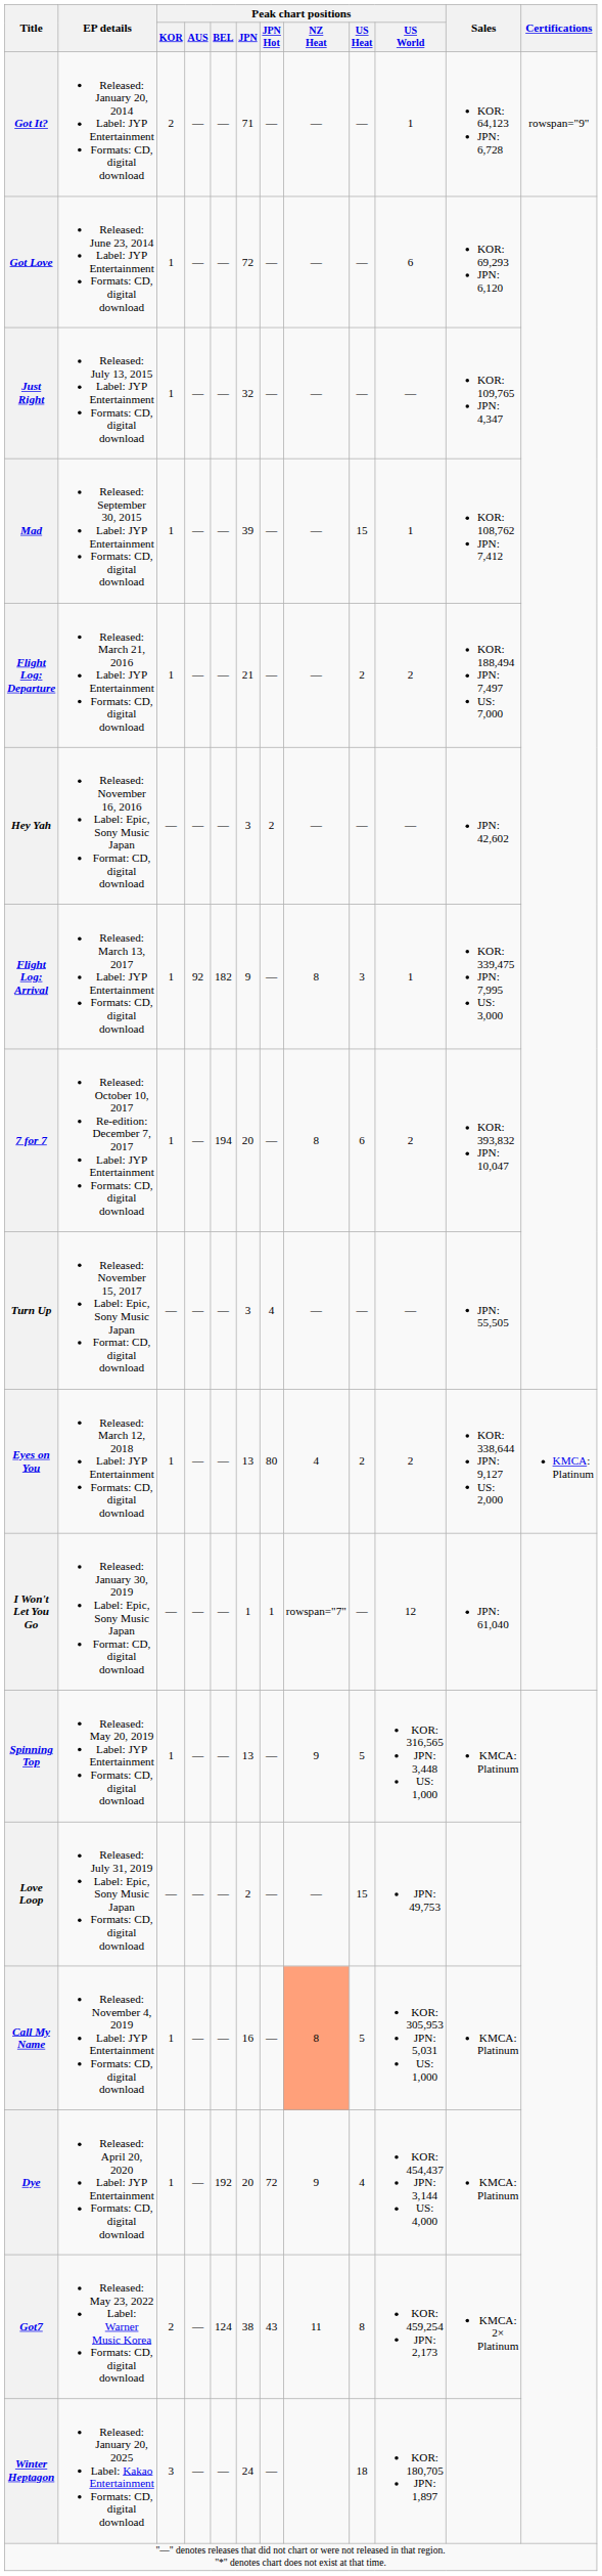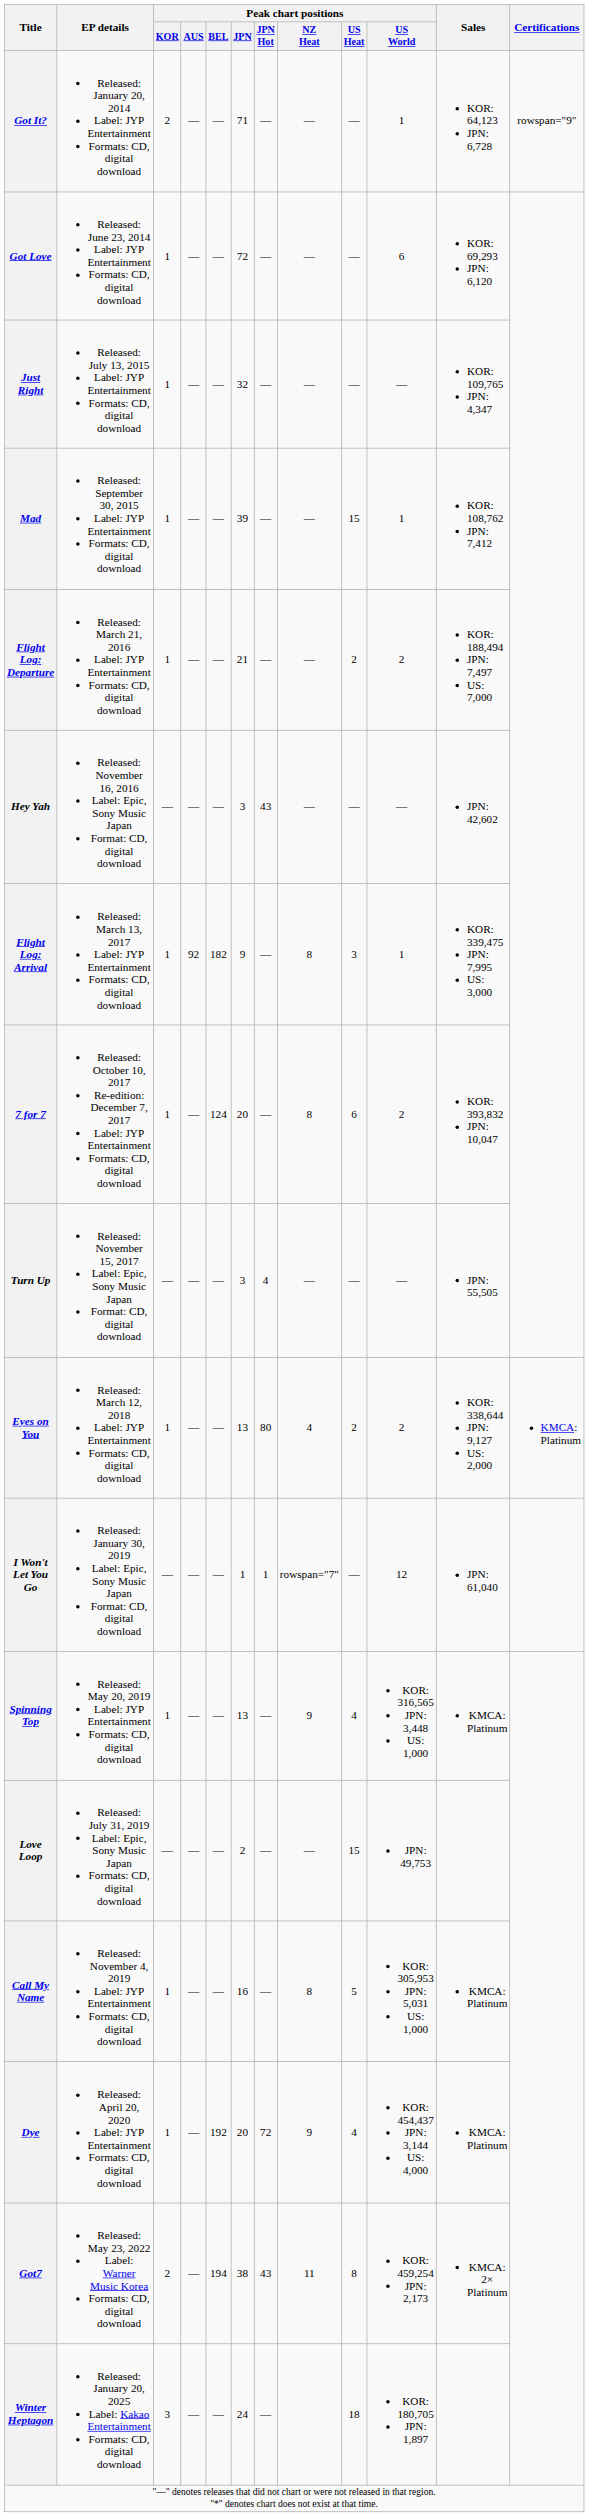 <table class="wikitable plainrowheaders" style="text-align:center">
 <tr>
 <th scope="col" rowspan="2" style="width:9em">Title</th>
 <th scope="col" rowspan="2" style="width:20em">EP details</th>
 <th scope="col" colspan="8">Peak chart positions</th>
 <th scope="col" rowspan="2" style="width:11em">Sales</th>
 <th scope="col" rowspan="2" style="width:12em"><a href='#'>Certifications</a><br></th>
 </tr>
 <tr>
 <th scope="col" style="width:2.5em;font-size:90%"><a href='#'>KOR</a><br></th>
 <th scope="col" style="width:3em;font-size:90%"><a href='#'>AUS</a><br></th>
 <th scope="col" style="width:3em;font-size:90%"><a href='#'>BEL</a><br></th>
 <th scope="col" style="width:3em;font-size:90%"><a href='#'>JPN</a><br></th>
 <th scope="col" style="width:3em;font-size:90%"><a href='#'>JPN Hot</a><br></th>
 <th scope="col" style="width:3em;font-size:90%"><a href='#'>NZ<br>Heat</a><br></th>
 <th scope="col" style="width:3em;font-size:90%"><a href='#'>US Heat</a><br></th>
 <th scope="col" style="width:3em;font-size:90%"><a href='#'>US<br>World</a><br></th>
 </tr>
 <tr>
 <th scope="row"><em><a href='#'>Got It?</a></em></th>
 <td><br><ul><li>Released: January 20, 2014 </li><li>Label: JYP Entertainment</li><li>Formats: CD, digital download</li></ul></td>
 <td>2</td>
 <td>—</td>
 <td>—</td>
 <td>71</td>
 <td>—</td>
 <td>—</td>
 <td>—</td>
 <td>1</td>
 <td style="text-align:left"><br><ul><li>KOR: 64,123</li><li>JPN: 6,728</li></ul></td>
 <td>rowspan="9" </td>
 </tr>
 <tr>
 <th scope="row"><em><a href='#'>Got Love</a></em></th>
 <td><br><ul><li>Released: June 23, 2014 </li><li>Label: JYP Entertainment</li><li>Formats: CD, digital download</li></ul></td>
 <td>1</td>
 <td>—</td>
 <td>—</td>
 <td>72</td>
 <td>—</td>
 <td>—</td>
 <td>—</td>
 <td>6</td>
 <td style="text-align:left"><br><ul><li>KOR: 69,293</li><li>JPN: 6,120</li></ul></td>
 </tr>
 <tr>
 <th scope="row"><em><a href='#'>Just Right</a></em></th>
 <td><br><ul><li>Released: July 13, 2015 </li><li>Label: JYP Entertainment</li><li>Formats: CD, digital download</li></ul></td>
 <td>1</td>
 <td>—</td>
 <td>—</td>
 <td>32</td>
 <td>—</td>
 <td>—</td>
 <td>—</td>
 <td>—</td>
 <td style="text-align:left"><br><ul><li>KOR: 109,765</li><li>JPN: 4,347</li></ul></td>
 </tr>
 <tr>
 <th scope="row"><em><a href='#'>Mad</a></em></th>
 <td><br><ul><li>Released: September 30, 2015 </li><li>Label: JYP Entertainment</li><li>Formats: CD, digital download</li></ul></td>
 <td>1</td>
 <td>—</td>
 <td>—</td>
 <td>39</td>
 <td>—</td>
 <td>—</td>
 <td>15</td>
 <td>1</td>
 <td style="text-align:left"><br><ul><li>KOR: 108,762</li><li>JPN: 7,412</li></ul></td>
 </tr>
 <tr>
 <th scope="row"><em><a href='#'>Flight Log: Departure</a></em></th>
 <td><br><ul><li>Released: March 21, 2016 </li><li>Label: JYP Entertainment</li><li>Formats: CD, digital download</li></ul></td>
 <td>1</td>
 <td>—</td>
 <td>—</td>
 <td>21</td>
 <td>—</td>
 <td>—</td>
 <td>2</td>
 <td>2</td>
 <td style="text-align:left"><br><ul><li>KOR: 188,494</li><li>JPN: 7,497</li><li>US: 7,000</li></ul></td>
 </tr>
 <tr>
 <th scope="row"><em>Hey Yah</em></th>
 <td><br><ul><li>Released: November 16, 2016 </li><li>Label: Epic, Sony Music Japan</li><li>Format: CD, digital download</li></ul></td>
 <td>—</td>
 <td>—</td>
 <td>—</td>
 <td>3</td>
-<td>2</td>
+<td>43</td>
 <td>—</td>
 <td>—</td>
 <td>—</td>
 <td style="text-align:left"><br><ul><li>JPN: 42,602</li></ul></td>
 </tr>
 <tr>
 <th scope="row"><em><a href='#'>Flight Log: Arrival</a></em></th>
 <td><br><ul><li>Released: March 13, 2017 </li><li>Label: JYP Entertainment</li><li>Formats: CD, digital download</li></ul></td>
 <td>1</td>
 <td>92</td>
 <td>182</td>
 <td>9</td>
 <td>—</td>
 <td>8</td>
 <td>3</td>
 <td>1</td>
 <td style="text-align:left"><br><ul><li>KOR: 339,475</li><li>JPN: 7,995</li><li>US: 3,000 </li></ul></td>
 </tr>
 <tr>
 <th scope="row"><em><a href='#'>7 for 7</a></em></th>
 <td><br><ul><li>Released: October 10, 2017 </li><li>Re-edition: December 7, 2017 </li><li>Label: JYP Entertainment</li><li>Formats: CD, digital download</li></ul></td>
 <td>1</td>
 <td>—</td>
-<td>194</td>
+<td>124</td>
 <td>20</td>
 <td>—</td>
 <td>8</td>
 <td>6</td>
 <td>2</td>
 <td style="text-align:left"><br><ul><li>KOR: 393,832</li><li>JPN: 10,047</li></ul></td>
 </tr>
 <tr>
 <th scope="row"><em>Turn Up</em></th>
 <td><br><ul><li>Released: November 15, 2017 </li><li>Label: Epic, Sony Music Japan</li><li>Format: CD, digital download</li></ul></td>
 <td>—</td>
 <td>—</td>
 <td>—</td>
 <td>3</td>
 <td>4</td>
 <td>—</td>
 <td>—</td>
 <td>—</td>
 <td style="text-align:left"><br><ul><li>JPN: 55,505</li></ul></td>
 </tr>
 <tr>
 <th scope="row"><em><a href='#'>Eyes on You</a></em></th>
 <td><br><ul><li>Released: March 12, 2018 </li><li>Label: JYP Entertainment</li><li>Formats: CD, digital download</li></ul></td>
 <td>1</td>
 <td>—</td>
 <td>—</td>
 <td>13</td>
 <td>80</td>
 <td>4</td>
 <td>2</td>
 <td>2</td>
 <td style="text-align:left"><br><ul><li>KOR: 338,644</li><li>JPN: 9,127</li><li>US: 2,000</li></ul></td>
 <td style="text-align:left"><br><ul><li><a href='#'>KMCA</a>: Platinum</li></ul></td>
 </tr>
 <tr>
 <th scope="row"><em>I Won't Let You Go</em></th>
 <td><br><ul><li>Released: January 30, 2019 </li><li>Label: Epic, Sony Music Japan</li><li>Format: CD, digital download</li></ul></td>
 <td>—</td>
 <td>—</td>
 <td>—</td>
 <td>1</td>
 <td>1</td>
 <td>rowspan="7" </td>
 <td>—</td>
 <td>12</td>
 <td style="text-align:left"><br><ul><li>JPN: 61,040</li></ul></td>
 <td></td>
 </tr>
 <tr>
 <th scope="row"><em><a href='#'>Spinning Top</a></em></th>
 <td><br><ul><li>Released: May 20, 2019 </li><li>Label: JYP Entertainment</li><li>Formats: CD, digital download</li></ul></td>
 <td>1</td>
 <td>—</td>
 <td>—</td>
 <td>13</td>
 <td>—</td>
 <td>9</td>
-<td>5</td>
+<td>4</td>
 <td><br><ul><li>KOR: 316,565</li><li>JPN: 3,448</li><li>US: 1,000</li></ul></td>
 <td><br><ul><li>KMCA: Platinum</li></ul></td>
 </tr>
 <tr>
 <th scope="row"><em>Love Loop</em></th>
 <td><br><ul><li>Released: July 31, 2019 </li><li>Label: Epic, Sony Music Japan</li><li>Formats: CD, digital download</li></ul></td>
 <td>—</td>
 <td>—</td>
 <td>—</td>
 <td>2</td>
 <td>—</td>
 <td>—</td>
 <td>15</td>
 <td><br><ul><li>JPN: 49,753</li></ul></td>
 <td></td>
 </tr>
 <tr>
 <th scope="row"><em><a href='#'>Call My Name</a></em></th>
 <td><br><ul><li>Released: November 4, 2019 </li><li>Label: JYP Entertainment</li><li>Formats: CD, digital download</li></ul></td>
 <td>1</td>
 <td>—</td>
 <td>—</td>
 <td>16</td>
 <td>—</td>
-<td style="background: lightsalmon;">8</td>
+<td>8</td>
 <td>5</td>
 <td><br><ul><li>KOR: 305,953</li><li>JPN: 5,031</li><li>US: 1,000</li></ul></td>
 <td><br><ul><li>KMCA: Platinum</li></ul></td>
 </tr>
 <tr>
 <th scope="row"><em><a href='#'>Dye</a></em></th>
 <td><br><ul><li>Released: April 20, 2020 </li><li>Label: JYP Entertainment</li><li>Formats: CD, digital download</li></ul></td>
 <td>1</td>
 <td>—</td>
 <td>192</td>
 <td>20</td>
 <td>72</td>
 <td>9</td>
 <td>4</td>
 <td><br><ul><li>KOR: 454,437</li><li>JPN: 3,144</li><li>US: 4,000</li></ul></td>
 <td><br><ul><li>KMCA: Platinum</li></ul></td>
 </tr>
 <tr>
 <th scope="row"><em><a href='#'>Got7</a></em></th>
 <td><br><ul><li>Released: May 23, 2022 </li><li>Label: <a href='#'>Warner Music Korea</a></li><li>Formats: CD, digital download</li></ul></td>
 <td>2</td>
 <td>—</td>
-<td>124</td>
+<td>194</td>
 <td>38</td>
 <td>43</td>
 <td>11</td>
 <td>8</td>
 <td><br><ul><li>KOR: 459,254</li><li>JPN: 2,173 </li></ul></td>
 <td><br><ul><li>KMCA: 2× Platinum</li></ul></td>
 </tr>
 <tr>
 <th scope="row"><em><a href='#'>Winter Heptagon</a></em></th>
 <td><br><ul><li>Released: January 20, 2025 </li><li>Label: <a href='#'>Kakao Entertainment</a></li><li>Formats: CD, digital download</li></ul></td>
 <td>3</td>
 <td>—</td>
 <td>—</td>
 <td>24</td>
 <td>—</td>
 <td></td>
 <td>18</td>
 <td><br><ul><li>KOR: 180,705</li><li>JPN: 1,897 </li></ul></td>
 <td></td>
 </tr>
 <tr>
 <td colspan="13" style="font-size:85%">"—" denotes releases that did not chart or were not released in that region.<br>"*" denotes chart does not exist at that time.</td>
 </tr>
 </table>
